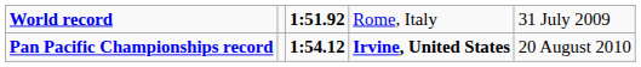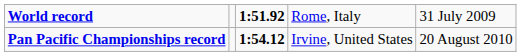 <table class="wikitable">
 <tr>
 <td><strong><a href='#'>World record</a></strong></td>
 <td></td>
 <td><strong>1:51.92</strong></td>
 <td><a href='#'>Rome</a>, Italy</td>
 <td>31 July 2009</td>
 </tr>
 <tr>
 <td><strong><a href='#'>Pan Pacific Championships record</a></strong></td>
 <td></td>
 <td><strong>1:54.12</strong></td>
-<td><strong><a href='#'>Irvine</a>, United States</strong></td>
+<td><a href='#'>Irvine</a>, United States</td>
 <td>20 August 2010</td>
 </tr>
 </table>
